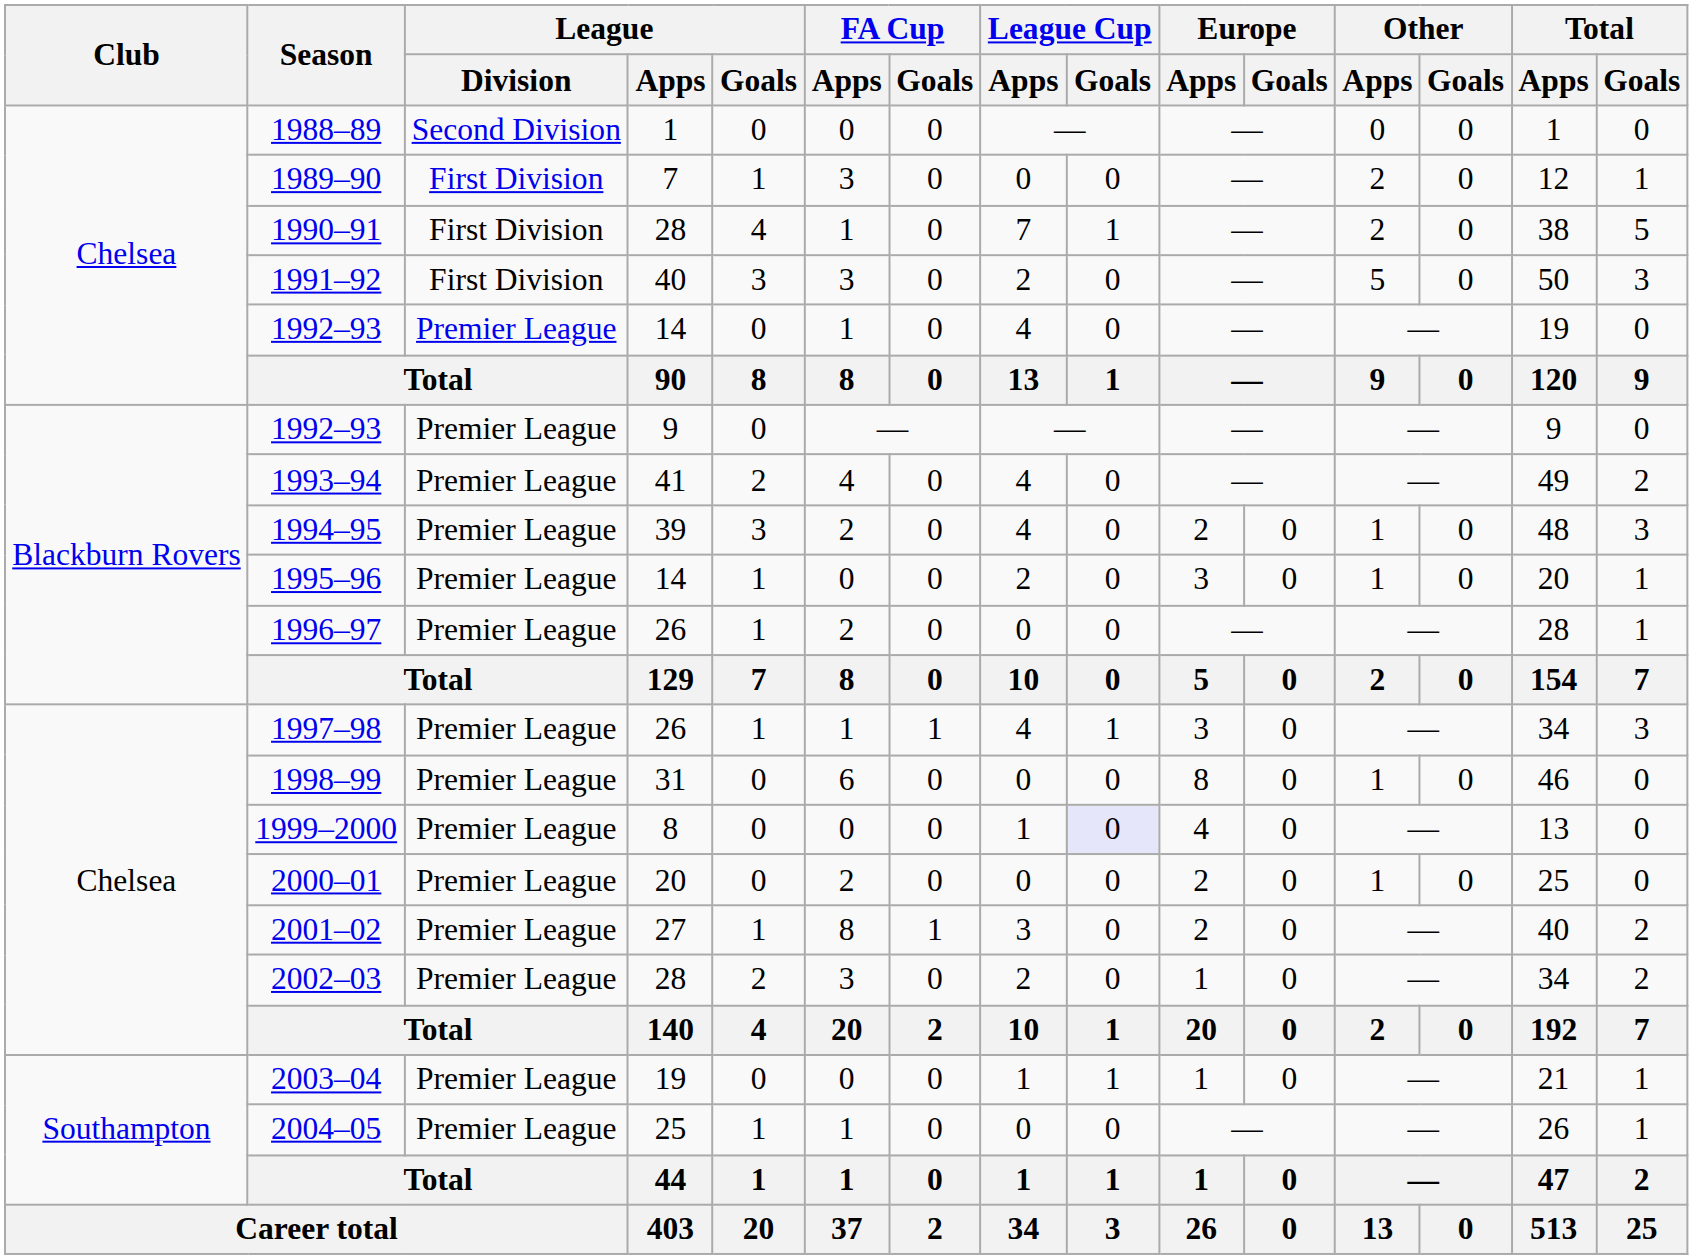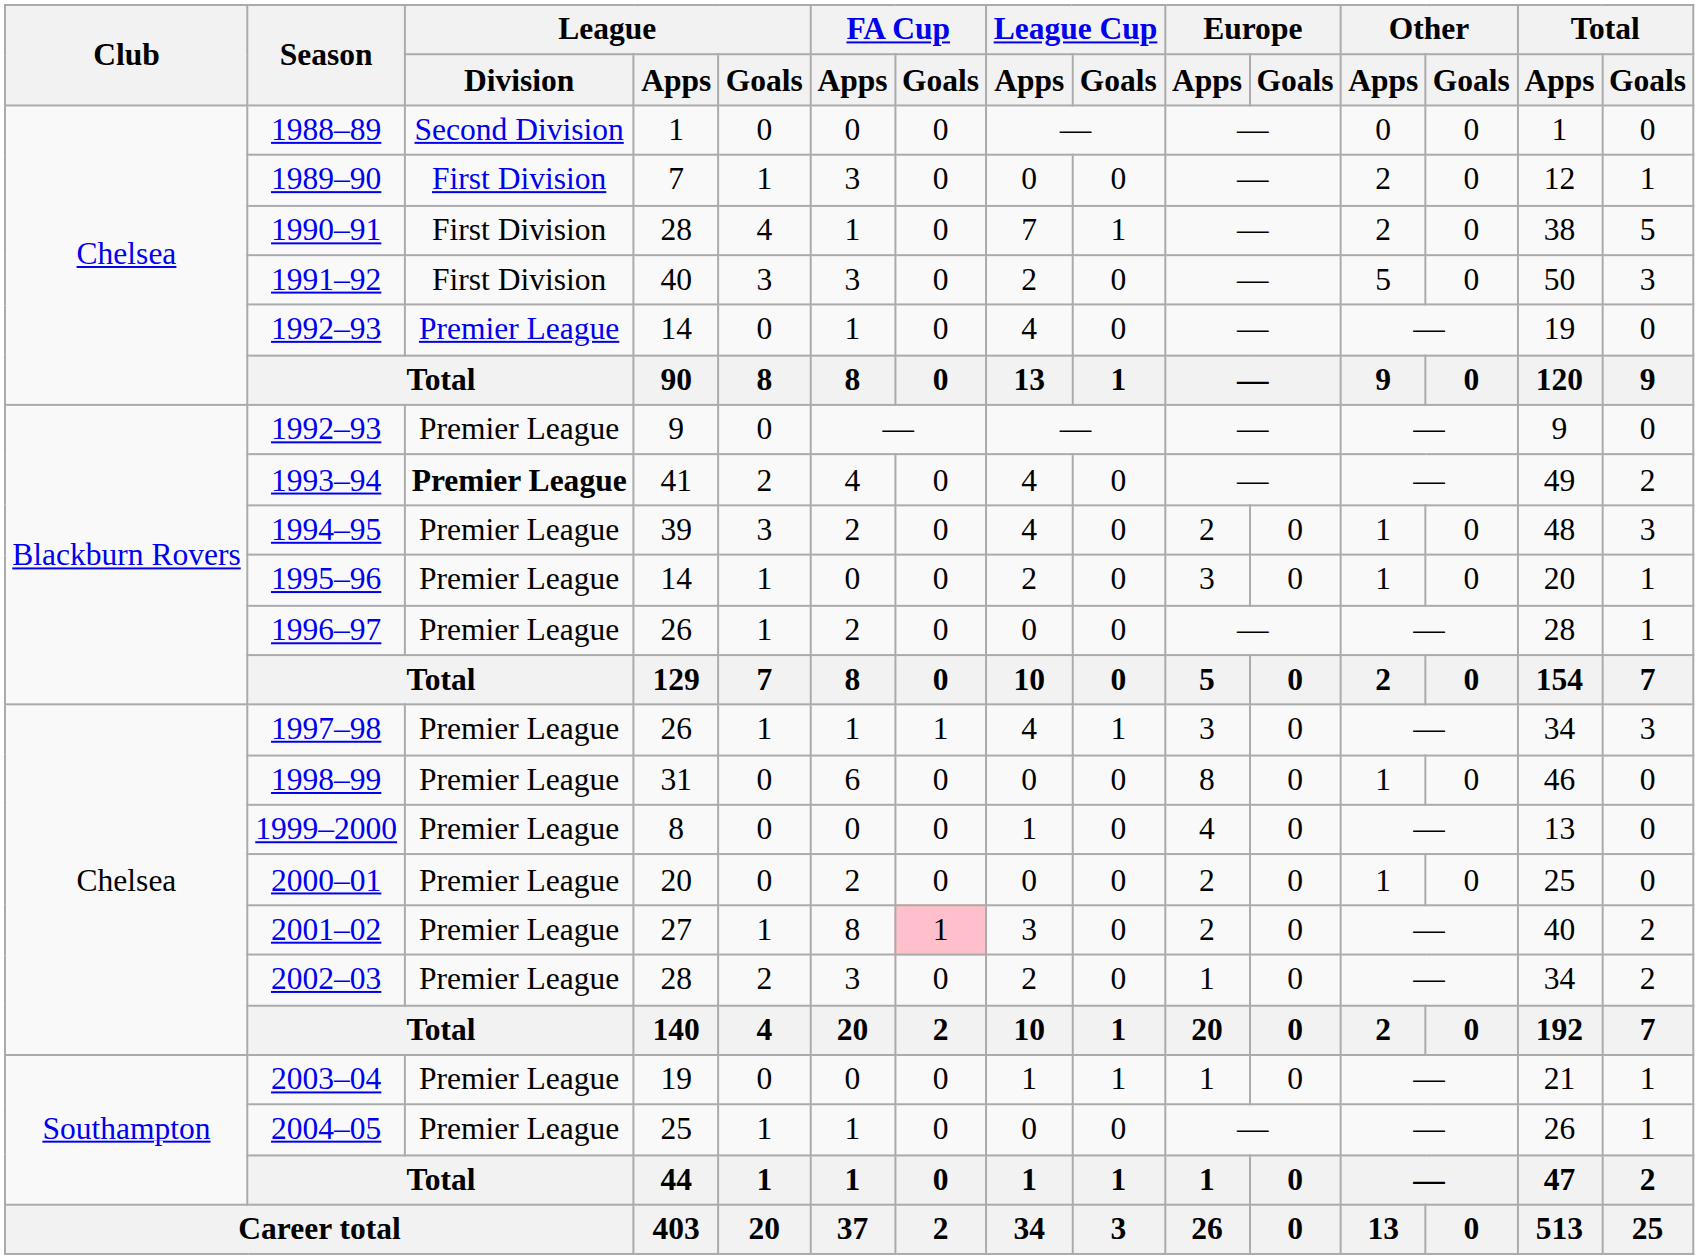 <table class="wikitable" style="text-align:center">
 <tr>
 <th rowspan="2">Club</th>
 <th rowspan="2">Season</th>
 <th colspan="3">League</th>
 <th colspan="2"><a href='#'>FA Cup</a></th>
 <th colspan="2"><a href='#'>League Cup</a></th>
 <th colspan="2">Europe</th>
 <th colspan="2">Other</th>
 <th colspan="2">Total</th>
 </tr>
 <tr>
 <th>Division</th>
 <th>Apps</th>
 <th>Goals</th>
 <th>Apps</th>
 <th>Goals</th>
 <th>Apps</th>
 <th>Goals</th>
 <th>Apps</th>
 <th>Goals</th>
 <th>Apps</th>
 <th>Goals</th>
 <th>Apps</th>
 <th>Goals</th>
 </tr>
 <tr>
 <td rowspan="6"><a href='#'>Chelsea</a></td>
 <td><a href='#'>1988–89</a></td>
 <td><a href='#'>Second Division</a></td>
 <td>1</td>
 <td>0</td>
 <td>0</td>
 <td>0</td>
 <td colspan="2">—</td>
 <td colspan="2">—</td>
 <td>0</td>
 <td>0</td>
 <td>1</td>
 <td>0</td>
 </tr>
 <tr>
 <td><a href='#'>1989–90</a></td>
 <td><a href='#'>First Division</a></td>
 <td>7</td>
 <td>1</td>
 <td>3</td>
 <td>0</td>
 <td>0</td>
 <td>0</td>
 <td colspan="2">—</td>
 <td>2</td>
 <td>0</td>
 <td>12</td>
 <td>1</td>
 </tr>
 <tr>
 <td><a href='#'>1990–91</a></td>
 <td>First Division</td>
 <td>28</td>
 <td>4</td>
 <td>1</td>
 <td>0</td>
 <td>7</td>
 <td>1</td>
 <td colspan="2">—</td>
 <td>2</td>
 <td>0</td>
 <td>38</td>
 <td>5</td>
 </tr>
 <tr>
 <td><a href='#'>1991–92</a></td>
 <td>First Division</td>
 <td>40</td>
 <td>3</td>
 <td>3</td>
 <td>0</td>
 <td>2</td>
 <td>0</td>
 <td colspan="2">—</td>
 <td>5</td>
 <td>0</td>
 <td>50</td>
 <td>3</td>
 </tr>
 <tr>
 <td><a href='#'>1992–93</a></td>
 <td><a href='#'>Premier League</a></td>
 <td>14</td>
 <td>0</td>
 <td>1</td>
 <td>0</td>
 <td>4</td>
 <td>0</td>
 <td colspan="2">—</td>
 <td colspan="2">—</td>
 <td>19</td>
 <td>0</td>
 </tr>
 <tr>
 <th colspan="2">Total</th>
 <th>90</th>
 <th>8</th>
 <th>8</th>
 <th>0</th>
 <th>13</th>
 <th>1</th>
 <th colspan="2">—</th>
 <th>9</th>
 <th>0</th>
 <th>120</th>
 <th>9</th>
 </tr>
 <tr>
 <td rowspan="6"><a href='#'>Blackburn Rovers</a></td>
 <td><a href='#'>1992–93</a></td>
 <td>Premier League</td>
 <td>9</td>
 <td>0</td>
 <td colspan="2">—</td>
 <td colspan="2">—</td>
 <td colspan="2">—</td>
 <td colspan="2">—</td>
 <td>9</td>
 <td>0</td>
 </tr>
 <tr>
 <td><a href='#'>1993–94</a></td>
-<td>Premier League</td>
+<td><strong>Premier League</strong></td>
 <td>41</td>
 <td>2</td>
 <td>4</td>
 <td>0</td>
 <td>4</td>
 <td>0</td>
 <td colspan="2">—</td>
 <td colspan="2">—</td>
 <td>49</td>
 <td>2</td>
 </tr>
 <tr>
 <td><a href='#'>1994–95</a></td>
 <td>Premier League</td>
 <td>39</td>
 <td>3</td>
 <td>2</td>
 <td>0</td>
 <td>4</td>
 <td>0</td>
 <td>2</td>
 <td>0</td>
 <td>1</td>
 <td>0</td>
 <td>48</td>
 <td>3</td>
 </tr>
 <tr>
 <td><a href='#'>1995–96</a></td>
 <td>Premier League</td>
 <td>14</td>
 <td>1</td>
 <td>0</td>
 <td>0</td>
 <td>2</td>
 <td>0</td>
 <td>3</td>
 <td>0</td>
 <td>1</td>
 <td>0</td>
 <td>20</td>
 <td>1</td>
 </tr>
 <tr>
 <td><a href='#'>1996–97</a></td>
 <td>Premier League</td>
 <td>26</td>
 <td>1</td>
 <td>2</td>
 <td>0</td>
 <td>0</td>
 <td>0</td>
 <td colspan="2">—</td>
 <td colspan="2">—</td>
 <td>28</td>
 <td>1</td>
 </tr>
 <tr>
 <th colspan="2">Total</th>
 <th>129</th>
 <th>7</th>
 <th>8</th>
 <th>0</th>
 <th>10</th>
 <th>0</th>
 <th>5</th>
 <th>0</th>
 <th>2</th>
 <th>0</th>
 <th>154</th>
 <th>7</th>
 </tr>
 <tr>
 <td rowspan="7">Chelsea</td>
 <td><a href='#'>1997–98</a></td>
 <td>Premier League</td>
 <td>26</td>
 <td>1</td>
 <td>1</td>
 <td>1</td>
 <td>4</td>
 <td>1</td>
 <td>3</td>
 <td>0</td>
 <td colspan="2">—</td>
 <td>34</td>
 <td>3</td>
 </tr>
 <tr>
 <td><a href='#'>1998–99</a></td>
 <td>Premier League</td>
 <td>31</td>
 <td>0</td>
 <td>6</td>
 <td>0</td>
 <td>0</td>
 <td>0</td>
 <td>8</td>
 <td>0</td>
 <td>1</td>
 <td>0</td>
 <td>46</td>
 <td>0</td>
 </tr>
 <tr>
 <td><a href='#'>1999–2000</a></td>
 <td>Premier League</td>
 <td>8</td>
 <td>0</td>
 <td>0</td>
 <td>0</td>
 <td>1</td>
-<td style="background: lavender;">0</td>
+<td>0</td>
 <td>4</td>
 <td>0</td>
 <td colspan="2">—</td>
 <td>13</td>
 <td>0</td>
 </tr>
 <tr>
 <td><a href='#'>2000–01</a></td>
 <td>Premier League</td>
 <td>20</td>
 <td>0</td>
 <td>2</td>
 <td>0</td>
 <td>0</td>
 <td>0</td>
 <td>2</td>
 <td>0</td>
 <td>1</td>
 <td>0</td>
 <td>25</td>
 <td>0</td>
 </tr>
 <tr>
 <td><a href='#'>2001–02</a></td>
 <td>Premier League</td>
 <td>27</td>
 <td>1</td>
 <td>8</td>
-<td>1</td>
+<td style="background: pink;">1</td>
 <td>3</td>
 <td>0</td>
 <td>2</td>
 <td>0</td>
 <td colspan="2">—</td>
 <td>40</td>
 <td>2</td>
 </tr>
 <tr>
 <td><a href='#'>2002–03</a></td>
 <td>Premier League</td>
 <td>28</td>
 <td>2</td>
 <td>3</td>
 <td>0</td>
 <td>2</td>
 <td>0</td>
 <td>1</td>
 <td>0</td>
 <td colspan="2">—</td>
 <td>34</td>
 <td>2</td>
 </tr>
 <tr>
 <th colspan="2">Total</th>
 <th>140</th>
 <th>4</th>
 <th>20</th>
 <th>2</th>
 <th>10</th>
 <th>1</th>
 <th>20</th>
 <th>0</th>
 <th>2</th>
 <th>0</th>
 <th>192</th>
 <th>7</th>
 </tr>
 <tr>
 <td rowspan="3"><a href='#'>Southampton</a></td>
 <td><a href='#'>2003–04</a></td>
 <td>Premier League</td>
 <td>19</td>
 <td>0</td>
 <td>0</td>
 <td>0</td>
 <td>1</td>
 <td>1</td>
 <td>1</td>
 <td>0</td>
 <td colspan="2">—</td>
 <td>21</td>
 <td>1</td>
 </tr>
 <tr>
 <td><a href='#'>2004–05</a></td>
 <td>Premier League</td>
 <td>25</td>
 <td>1</td>
 <td>1</td>
 <td>0</td>
 <td>0</td>
 <td>0</td>
 <td colspan="2">—</td>
 <td colspan="2">—</td>
 <td>26</td>
 <td>1</td>
 </tr>
 <tr>
 <th colspan="2">Total</th>
 <th>44</th>
 <th>1</th>
 <th>1</th>
 <th>0</th>
 <th>1</th>
 <th>1</th>
 <th>1</th>
 <th>0</th>
 <th colspan="2">—</th>
 <th>47</th>
 <th>2</th>
 </tr>
 <tr>
 <th colspan="3">Career total</th>
 <th>403</th>
 <th>20</th>
 <th>37</th>
 <th>2</th>
 <th>34</th>
 <th>3</th>
 <th>26</th>
 <th>0</th>
 <th>13</th>
 <th>0</th>
 <th>513</th>
 <th>25</th>
 </tr>
 </table>
